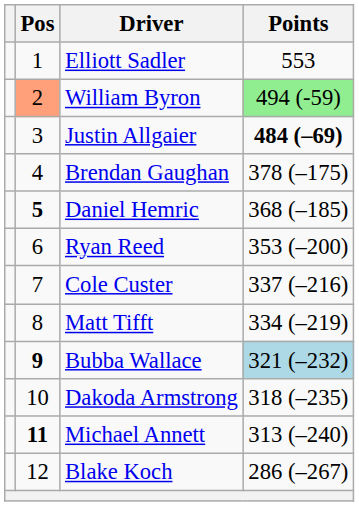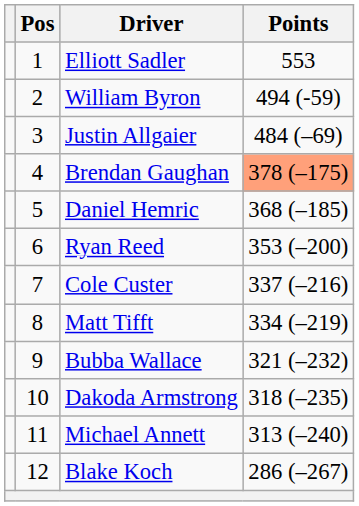 <table class="wikitable" style="font-size: 95%;">
 <tr>
 <th></th>
 <th>Pos</th>
 <th>Driver</th>
 <th>Points</th>
 </tr>
 <tr>
 <td align="left"></td>
 <td style="text-align:center;">1</td>
 <td><a href='#'>Elliott Sadler</a></td>
 <td style="text-align:center;">553</td>
 </tr>
 <tr>
 <td align="left"></td>
-<td style="background: lightsalmon; text-align:center;">2</td>
+<td style="text-align:center;">2</td>
 <td><a href='#'>William Byron</a></td>
-<td style="background: lightgreen; text-align:center;">494 (-59)</td>
+<td style="text-align:center;">494 (-59)</td>
 </tr>
 <tr>
 <td align="left"></td>
 <td style="text-align:center;">3</td>
 <td><a href='#'>Justin Allgaier</a></td>
-<td style="text-align:center;"><strong>484 (–69)</strong></td>
+<td style="text-align:center;">484 (–69)</td>
 </tr>
 <tr>
 <td align="left"></td>
 <td style="text-align:center;">4</td>
 <td><a href='#'>Brendan Gaughan</a></td>
-<td style="text-align:center;">378 (–175)</td>
+<td style="background: lightsalmon; text-align:center;">378 (–175)</td>
 </tr>
 <tr>
 <td align="left"></td>
-<td style="text-align:center;"><strong>5</strong></td>
+<td style="text-align:center;">5</td>
 <td><a href='#'>Daniel Hemric</a></td>
 <td style="text-align:center;">368 (–185)</td>
 </tr>
 <tr>
 <td align="left"></td>
 <td style="text-align:center;">6</td>
 <td><a href='#'>Ryan Reed</a></td>
 <td style="text-align:center;">353 (–200)</td>
 </tr>
 <tr>
 <td align="left"></td>
 <td style="text-align:center;">7</td>
 <td><a href='#'>Cole Custer</a></td>
 <td style="text-align:center;">337 (–216)</td>
 </tr>
 <tr>
 <td align="left"></td>
 <td style="text-align:center;">8</td>
 <td><a href='#'>Matt Tifft</a></td>
 <td style="text-align:center;">334 (–219)</td>
 </tr>
 <tr>
 <td align="left"></td>
-<td style="text-align:center;"><strong>9</strong></td>
+<td style="text-align:center;">9</td>
 <td><a href='#'>Bubba Wallace</a></td>
-<td style="background: lightblue; text-align:center;">321 (–232)</td>
+<td style="text-align:center;">321 (–232)</td>
 </tr>
 <tr>
 <td align="left"></td>
 <td style="text-align:center;">10</td>
 <td><a href='#'>Dakoda Armstrong</a></td>
 <td style="text-align:center;">318 (–235)</td>
 </tr>
 <tr>
 <td align="left"></td>
-<td style="text-align:center;"><strong>11</strong></td>
+<td style="text-align:center;">11</td>
 <td><a href='#'>Michael Annett</a></td>
 <td style="text-align:center;">313 (–240)</td>
 </tr>
 <tr>
 <td align="left"></td>
 <td style="text-align:center;">12</td>
 <td><a href='#'>Blake Koch</a></td>
 <td style="text-align:center;">286 (–267)</td>
 </tr>
 <tr class="sortbottom">
 <th colspan="9"></th>
 </tr>
 </table>
